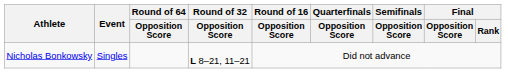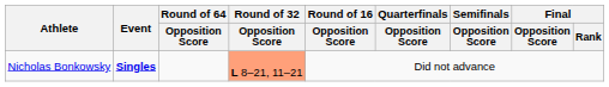 <table class=wikitable style="font-size:90%">
 <tr>
 <th rowspan=2>Athlete</th>
 <th rowspan=2>Event</th>
 <th>Round of 64</th>
 <th>Round of 32</th>
 <th>Round of 16</th>
 <th>Quarterfinals</th>
 <th>Semifinals</th>
 <th colspan=2>Final</th>
 </tr>
 <tr style="font-size:95%">
 <th>Opposition<br>Score</th>
 <th>Opposition<br>Score</th>
 <th>Opposition<br>Score</th>
 <th>Opposition<br>Score</th>
 <th>Opposition<br>Score</th>
 <th>Opposition<br>Score</th>
 <th>Rank</th>
 </tr>
 <tr align=center>
 <td align=left><a href='#'>Nicholas Bonkowsky</a></td>
-<td align=left><a href='#'>Singles</a></td>
+<td align=left><strong><a href='#'>Singles</a></strong></td>
 <td></td>
-<td><br><strong>L</strong> 8–21, 11–21</td>
+<td style="background: lightsalmon;"><br><strong>L</strong> 8–21, 11–21</td>
 <td colspan=5>Did not advance</td>
 </tr>
 </table>
